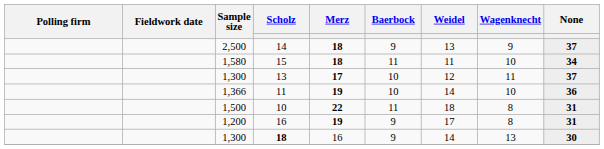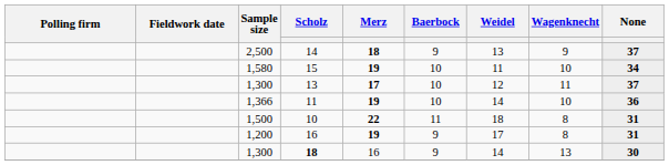 <table class="wikitable sortable mw-datatable" style="text-align:center;font-size:90%;line-height:14px;">
 <tr style="height:40px;">
 <th style="width:155px;" rowspan="2">Polling firm</th>
 <th style="width:120px;" rowspan="2">Fieldwork date</th>
 <th style="width: 35px;" rowspan="2">Sample<br>size</th>
 <th class="unsortable" style="width:70px;"><a href='#'>Scholz</a><br></th>
 <th class="unsortable" style="width:70px;"><a href='#'>Merz</a><br></th>
 <th class="unsortable" style="width:70px;"><a href='#'>Baerbock</a><br></th>
 <th class="unsortable" style="width:70px;"><a href='#'>Weidel</a><br></th>
 <th class="unsortable" style="width:70px;"><a href='#'>Wagenknecht</a><br></th>
 <th class="unsortable" style="width:70px;">None</th>
 </tr>
 <tr>
 <th style="background:"></th>
 <th style="background:"></th>
 <th style="background:"></th>
 <th style="background:"></th>
 <th style="background:"></th>
 <th style="background:"></th>
 </tr>
 <tr>
 <td></td>
 <td></td>
 <td>2,500</td>
 <td>14</td>
 <td><strong>18</strong></td>
 <td>9</td>
 <td>13</td>
 <td>9</td>
 <td style="background:#EEEEEE;"><strong>37</strong></td>
 </tr>
 <tr>
 <td></td>
 <td></td>
 <td>1,580</td>
 <td>15</td>
-<td><strong>18</strong></td>
-<td>11</td>
+<td><strong>19</strong></td>
+<td>10</td>
 <td>11</td>
 <td>10</td>
 <td style="background:#EEEEEE;"><strong>34</strong></td>
 </tr>
 <tr>
 <td></td>
 <td></td>
 <td>1,300</td>
 <td>13</td>
 <td><strong>17</strong></td>
 <td>10</td>
 <td>12</td>
 <td>11</td>
 <td style="background:#EEEEEE;"><strong>37</strong></td>
 </tr>
 <tr>
 <td></td>
 <td></td>
 <td>1,366</td>
 <td>11</td>
 <td><strong>19</strong></td>
 <td>10</td>
 <td>14</td>
 <td>10</td>
 <td style="background:#EEEEEE;"><strong>36</strong></td>
 </tr>
 <tr>
 <td></td>
 <td></td>
 <td>1,500</td>
 <td>10</td>
 <td><strong>22</strong></td>
 <td>11</td>
 <td>18</td>
 <td>8</td>
 <td style="background:#EEEEEE;"><strong>31</strong></td>
 </tr>
 <tr>
 <td></td>
 <td></td>
 <td>1,200</td>
 <td>16</td>
 <td><strong>19</strong></td>
 <td>9</td>
 <td>17</td>
 <td>8</td>
 <td style="background:#EEEEEE;"><strong>31</strong></td>
 </tr>
 <tr>
 <td></td>
 <td></td>
 <td>1,300</td>
 <td><strong>18</strong></td>
 <td>16</td>
 <td>9</td>
 <td>14</td>
 <td>13</td>
 <td style="background:#EEEEEE;"><strong>30</strong></td>
 </tr>
 <tr>
 </tr>
 </table>
